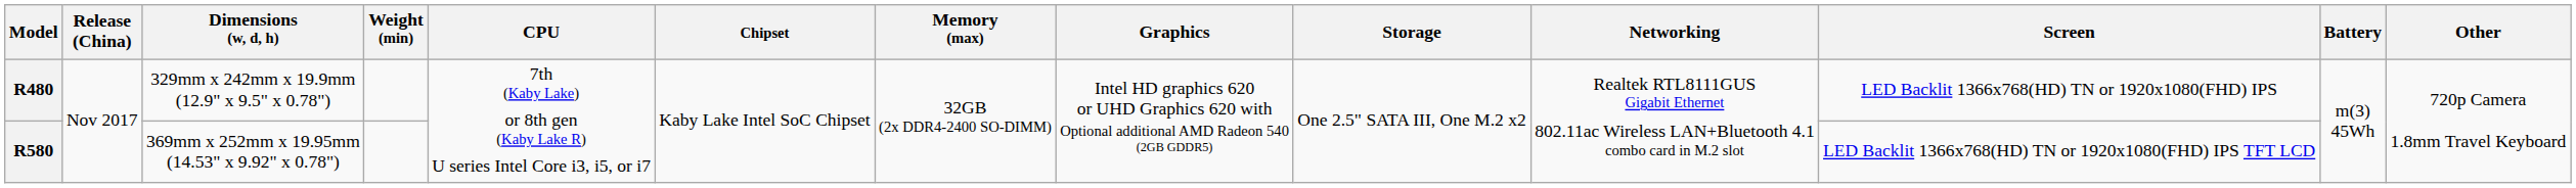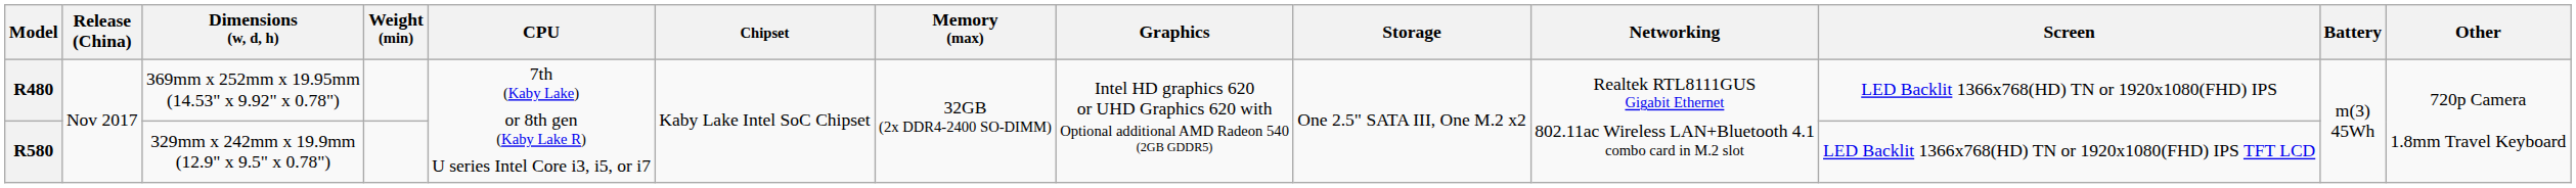 <table class="wikitable" style="font-size:80%; text-align:center">
 <tr>
 <th>Model</th>
 <th>Release<br>(China)</th>
 <th>Dimensions <br><sup>(w, d, h)</sup></th>
 <th>Weight <br><sup>(min)</sup></th>
 <th>CPU</th>
 <th><small>Chipset</small></th>
 <th>Memory <br><sup>(max)</sup></th>
 <th>Graphics</th>
 <th>Storage</th>
 <th>Networking</th>
 <th>Screen</th>
 <th>Battery</th>
 <th>Other</th>
 </tr>
 <tr>
 <th>R480 </th>
 <td rowspan="2">Nov 2017</td>
-<td>329mm x 242mm x 19.9mm <br>(12.9" x 9.5" x 0.78")</td>
+<td>369mm x 252mm x 19.95mm <br>(14.53" x 9.92" x 0.78")</td>
 <td></td>
 <td rowspan="2" style="background:">7th <br><sup>(<a href='#'>Kaby Lake</a>)</sup> <br>or 8th gen <br><sup>(<a href='#'>Kaby Lake R</a>)</sup> <br>U series Intel Core i3, i5, or i7</td>
 <td rowspan="2">Kaby Lake Intel SoC Chipset</td>
 <td rowspan="2" style="background:">32GB <br><sup>(2x DDR4-2400 SO-DIMM)</sup></td>
 <td rowspan="2" style="background:">Intel HD graphics 620 <br>or UHD Graphics 620 with <br><small>Optional additional AMD Radeon 540 <br><sup>(2GB GDDR5)</sup></small></td>
 <td rowspan="2" style="background:">One 2.5" SATA III, One M.2 x2</td>
 <td rowspan="2">Realtek RTL8111GUS <br><sup><a href='#'>Gigabit Ethernet</a></sup> <br>802.11ac Wireless LAN+Bluetooth 4.1 <br><sup>combo card in M.2 slot</sup></td>
 <td style="background:"><a href='#'>LED Backlit</a> 1366x768(HD) TN or 1920x1080(FHD) IPS</td>
 <td rowspan="2" style="background:">m(3) <br>45Wh</td>
 <td rowspan="2">720p Camera <br><br>1.8mm Travel Keyboard</td>
 </tr>
 <tr>
 <th>R580 </th>
-<td>369mm x 252mm x 19.95mm <br>(14.53" x 9.92" x 0.78")</td>
+<td>329mm x 242mm x 19.9mm <br>(12.9" x 9.5" x 0.78")</td>
 <td></td>
 <td style="background:"><a href='#'>LED Backlit</a> 1366x768(HD) TN or 1920x1080(FHD) IPS <a href='#'>TFT LCD</a></td>
 </tr>
 </table>
